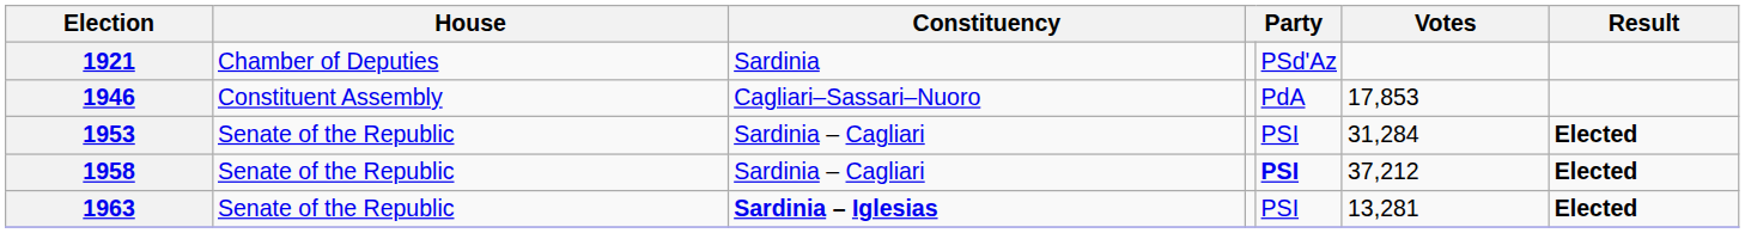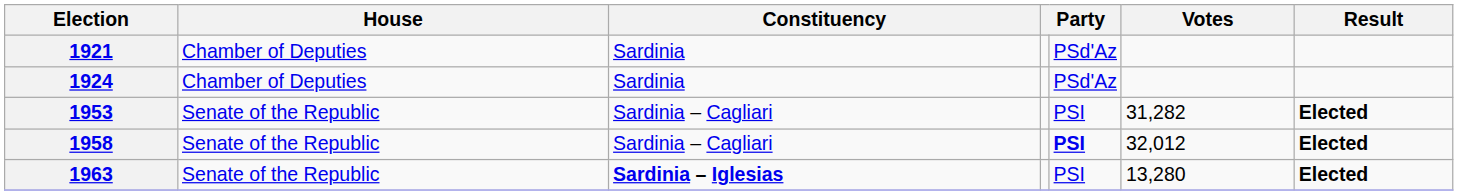 <table class=wikitable style="width:75%; border:1px #AAAAFF solid">
 <tr>
 <th width=12%>Election</th>
 <th width=30%>House</th>
 <th width=30%>Constituency</th>
 <th width=5% colspan="2">Party</th>
 <th width=12%>Votes</th>
 <th width=18%>Result</th>
 </tr>
 <tr>
 <th><a href='#'>1921</a></th>
 <td><a href='#'>Chamber of Deputies</a></td>
 <td><a href='#'>Sardinia</a></td>
 <td></td>
 <td><a href='#'>PSd'Az</a></td>
 <td></td>
 <td></td>
 </tr>
 <tr>
-<th><a href='#'>1946</a></th>
-<td><a href='#'>Constituent Assembly</a></td>
-<td><a href='#'>Cagliari–Sassari–Nuoro</a></td>
+<th><a href='#'>1924</a></th>
+<td><a href='#'>Chamber of Deputies</a></td>
+<td><a href='#'>Sardinia</a></td>
 <td></td>
-<td><a href='#'>PdA</a></td>
-<td>17,853</td>
+<td><a href='#'>PSd'Az</a></td>
+<td></td>
 <td></td>
 </tr>
 <tr>
 <th><a href='#'>1953</a></th>
 <td><a href='#'>Senate of the Republic</a></td>
 <td><a href='#'>Sardinia</a> – <a href='#'>Cagliari</a></td>
 <td></td>
 <td><a href='#'>PSI</a></td>
-<td>31,284</td>
+<td>31,282</td>
 <td> <strong>Elected</strong></td>
 </tr>
 <tr>
 <th><a href='#'>1958</a></th>
 <td><a href='#'>Senate of the Republic</a></td>
 <td><a href='#'>Sardinia</a> – <a href='#'>Cagliari</a></td>
 <td></td>
 <td><strong><a href='#'>PSI</a></strong></td>
-<td>37,212</td>
+<td>32,012</td>
 <td> <strong>Elected</strong></td>
 </tr>
 <tr>
 <th><a href='#'>1963</a></th>
 <td><a href='#'>Senate of the Republic</a></td>
 <td><strong><a href='#'>Sardinia</a> – <a href='#'>Iglesias</a></strong></td>
 <td></td>
 <td><a href='#'>PSI</a></td>
-<td>13,281</td>
+<td>13,280</td>
 <td> <strong>Elected</strong></td>
 </tr>
 <tr>
 </tr>
 </table>
